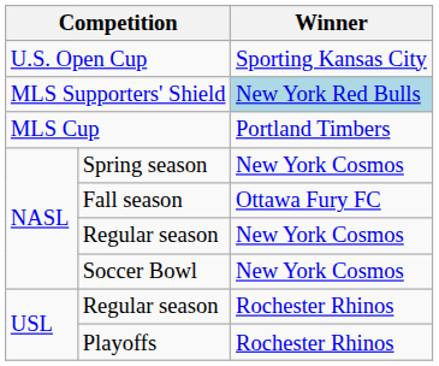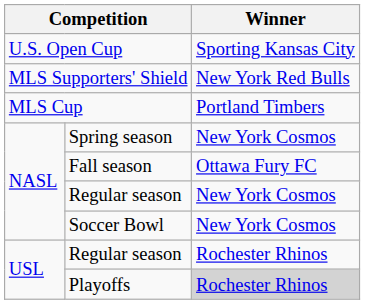 <table class="wikitable">
 <tr>
 <th colspan=2>Competition</th>
 <th>Winner</th>
 </tr>
 <tr>
 <td colspan=2><a href='#'>U.S. Open Cup</a></td>
 <td><a href='#'>Sporting Kansas City</a></td>
 </tr>
 <tr>
 <td colspan=2><a href='#'>MLS Supporters' Shield</a></td>
-<td style="background: lightblue;"><a href='#'>New York Red Bulls</a></td>
+<td><a href='#'>New York Red Bulls</a></td>
 </tr>
 <tr>
 <td colspan=2><a href='#'>MLS Cup</a></td>
 <td><a href='#'>Portland Timbers</a></td>
 </tr>
 <tr>
 <td rowspan=4><a href='#'>NASL</a></td>
 <td>Spring season</td>
 <td><a href='#'>New York Cosmos</a></td>
 </tr>
 <tr>
 <td>Fall season</td>
 <td><a href='#'>Ottawa Fury FC</a></td>
 </tr>
 <tr>
 <td>Regular season</td>
 <td><a href='#'>New York Cosmos</a></td>
 </tr>
 <tr>
 <td>Soccer Bowl</td>
 <td><a href='#'>New York Cosmos</a></td>
 </tr>
 <tr>
 <td rowspan=2><a href='#'>USL</a></td>
 <td>Regular season</td>
 <td><a href='#'>Rochester Rhinos</a></td>
 </tr>
 <tr>
 <td>Playoffs</td>
-<td><a href='#'>Rochester Rhinos</a></td>
+<td style="background: lightgrey;"><a href='#'>Rochester Rhinos</a></td>
 </tr>
 </table>
